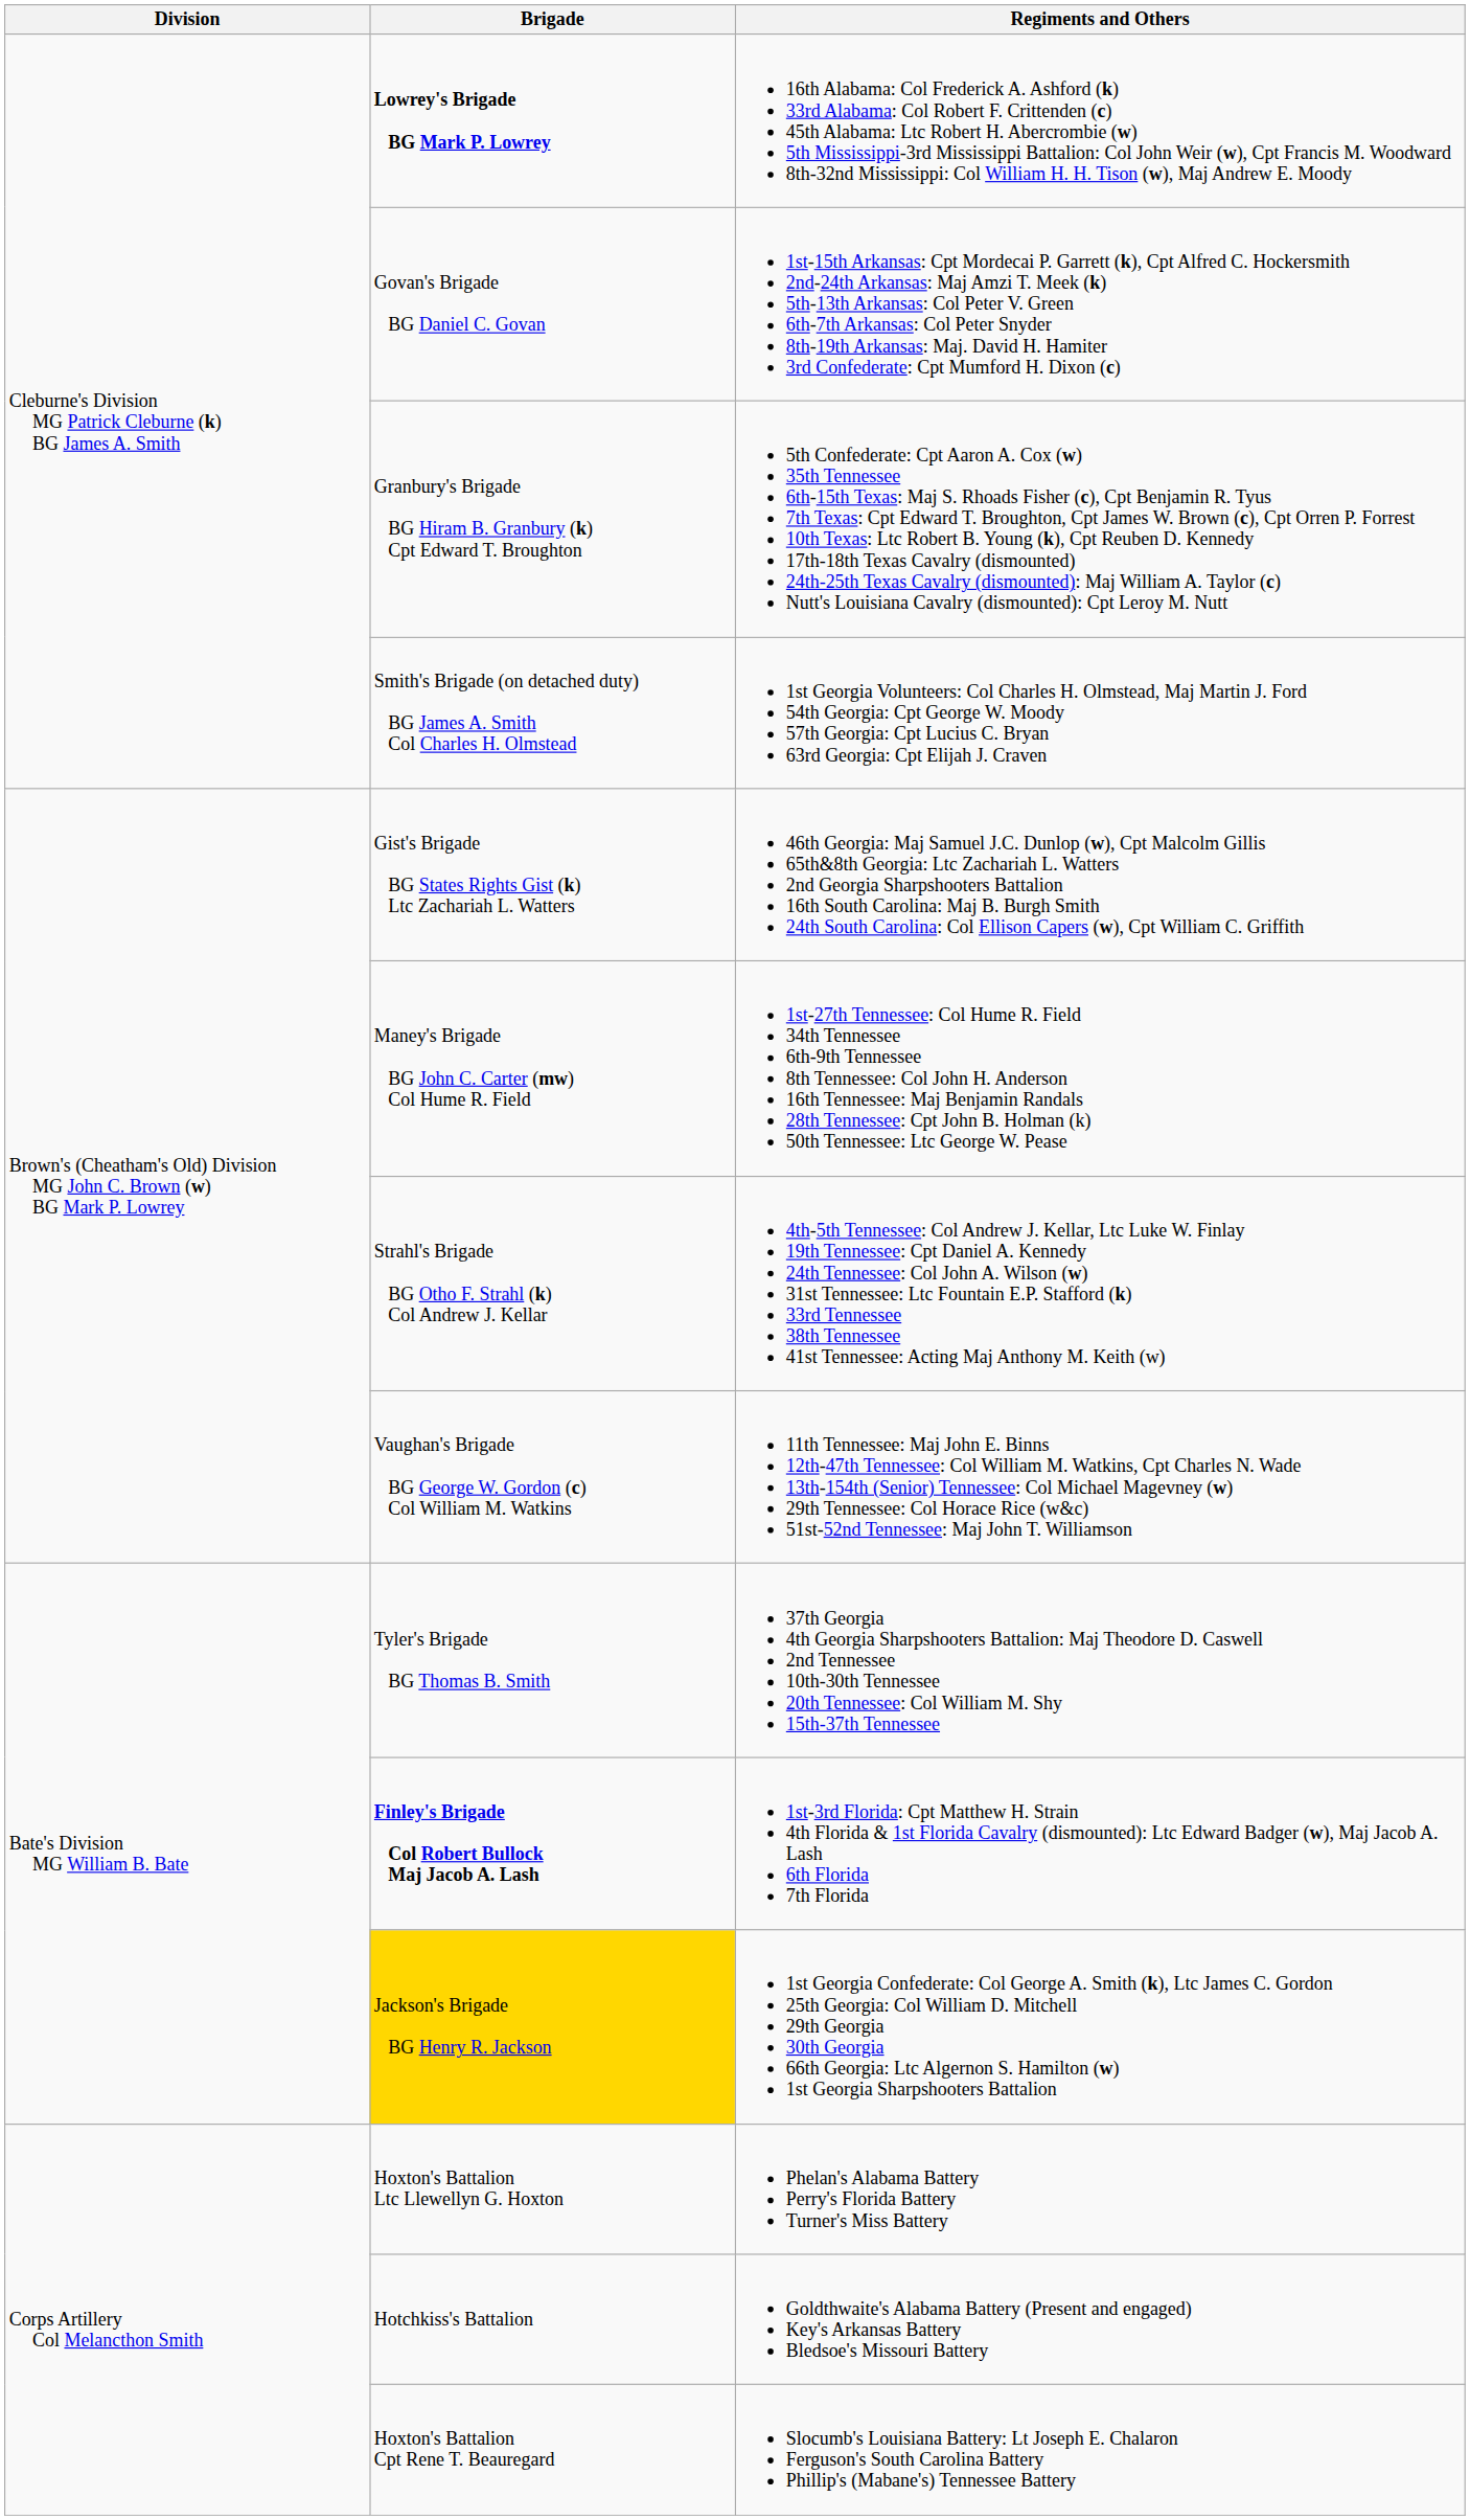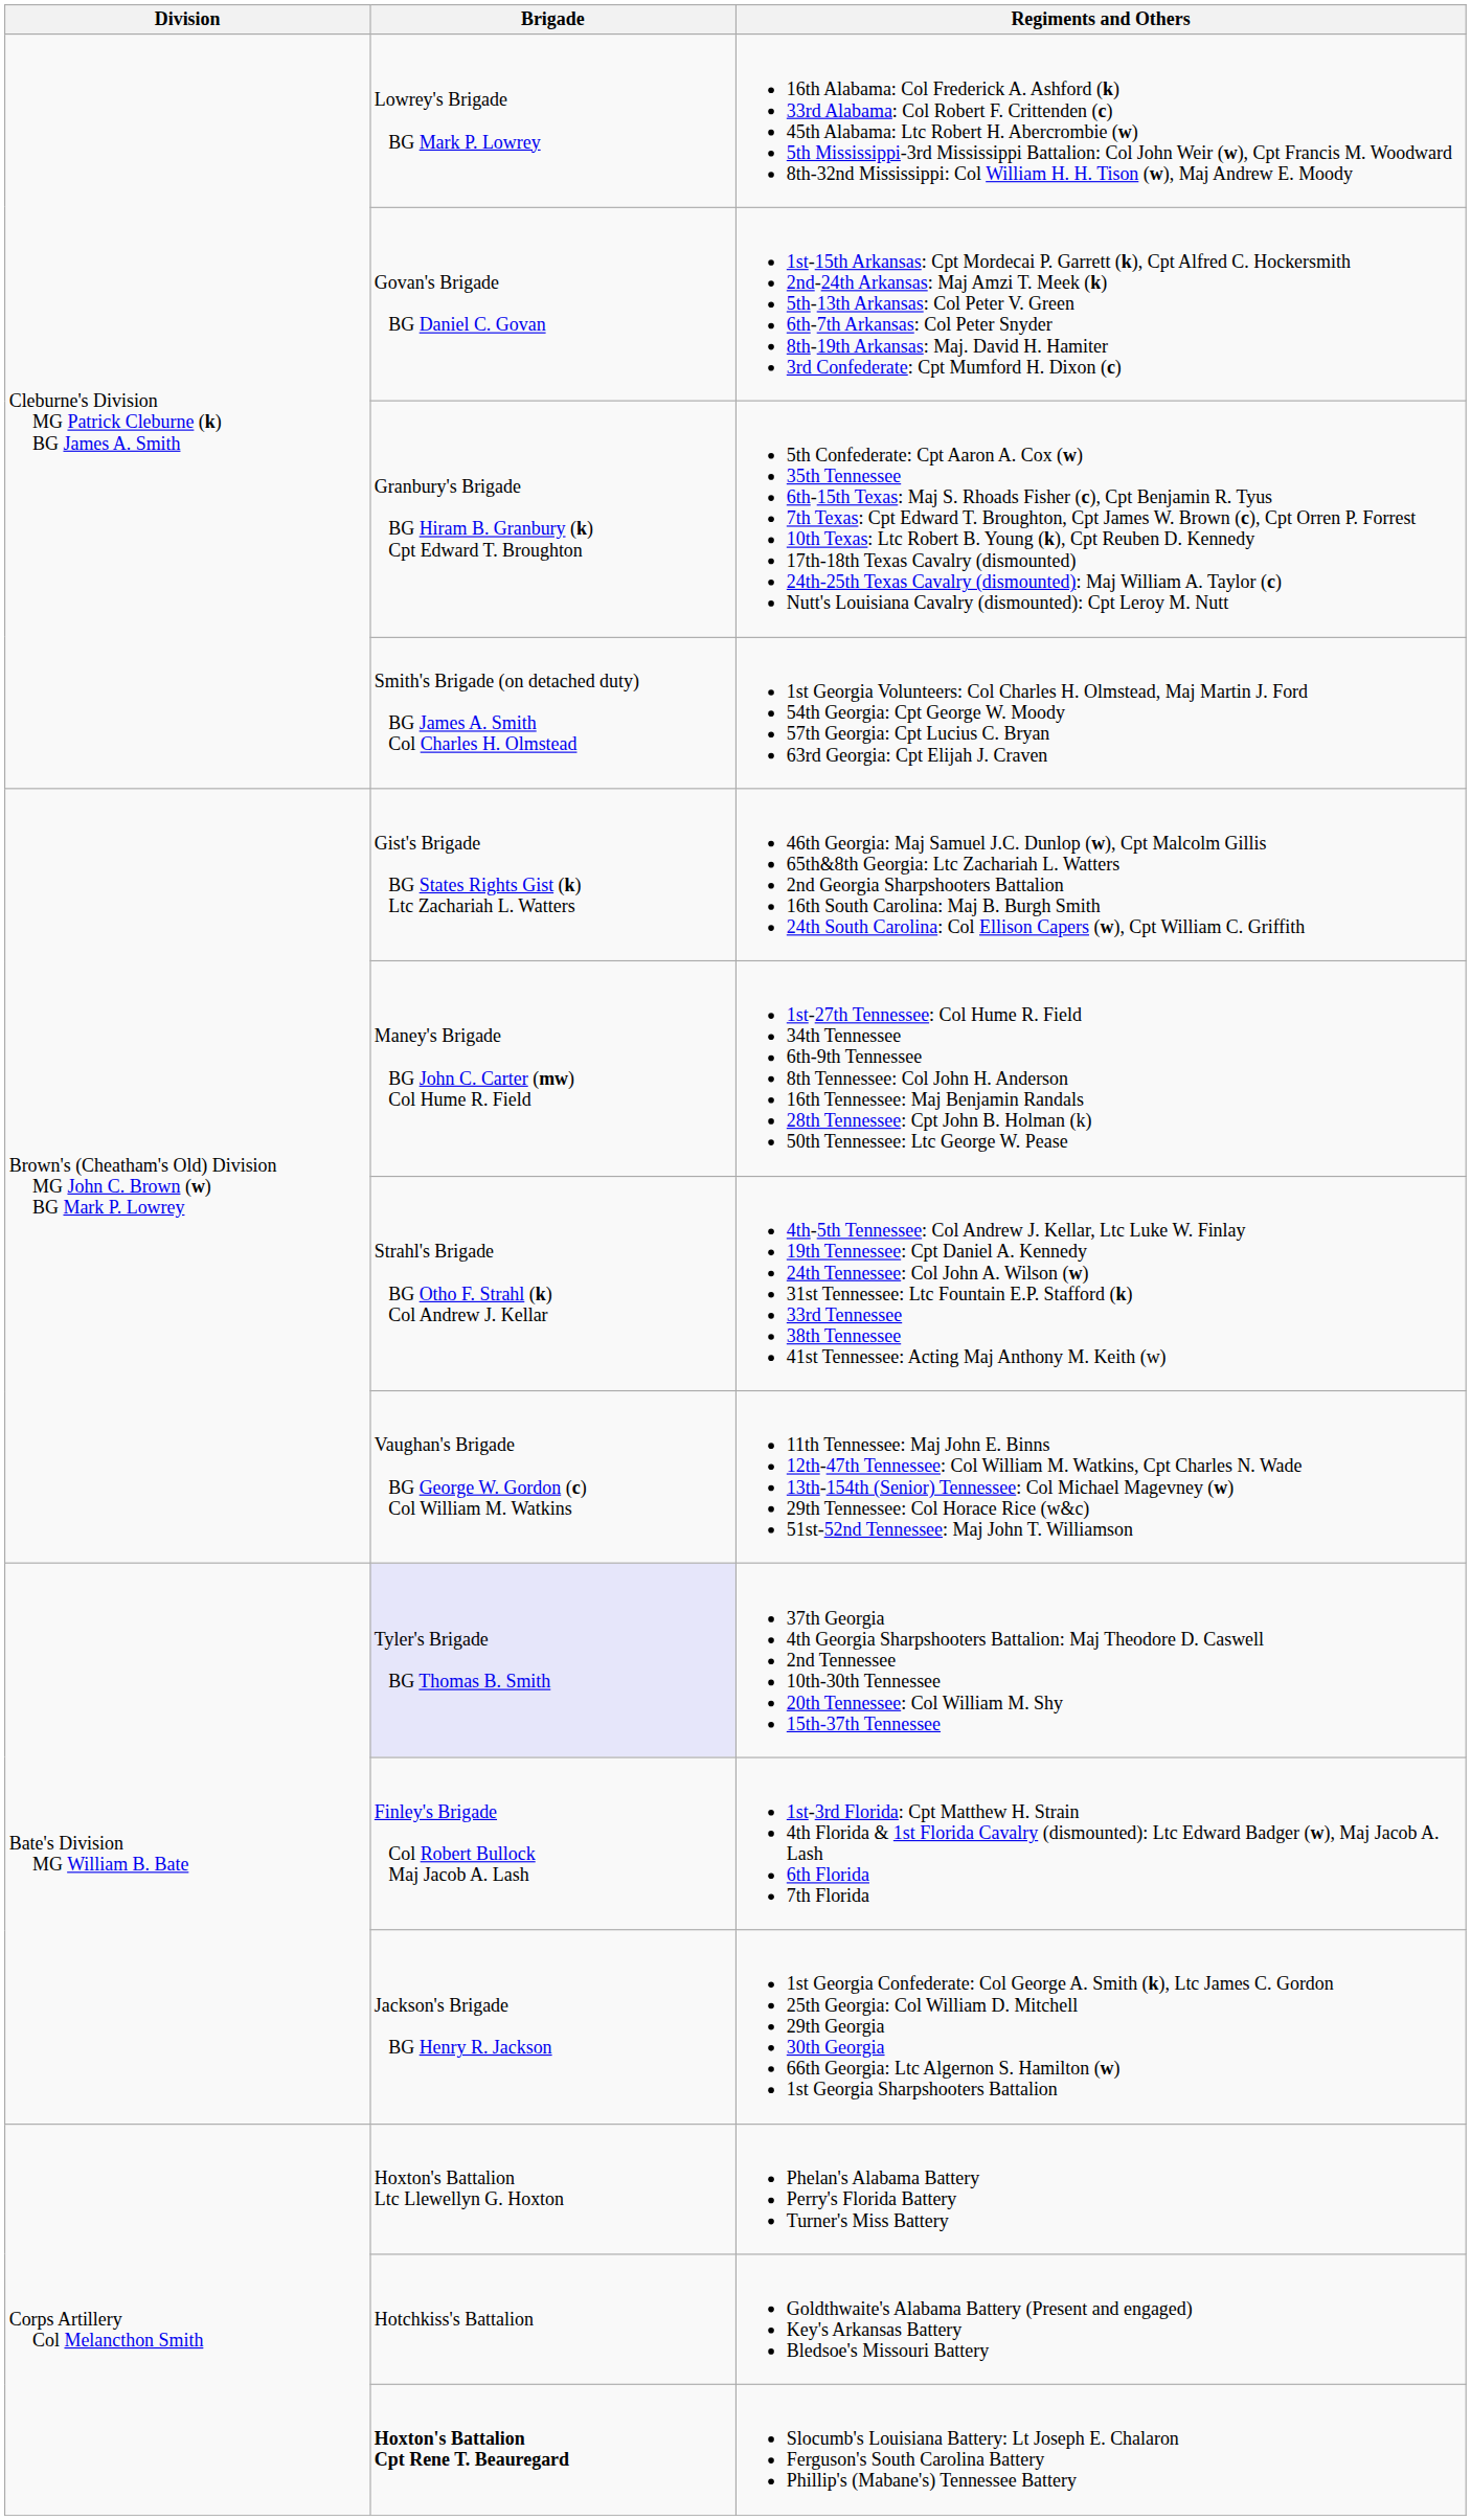 <table class="wikitable">
 <tr>
 <th width=25%>Division</th>
 <th width=25%>Brigade</th>
 <th>Regiments and Others</th>
 </tr>
 <tr>
 <td rowspan=4><br>Cleburne's Division <br>     MG <a href='#'>Patrick Cleburne</a> (<strong>k</strong>) <br>     BG <a href='#'>James A. Smith</a></td>
-<td><strong>Lowrey's Brigade<br><br>   BG <a href='#'>Mark P. Lowrey</a></strong></td>
+<td>Lowrey's Brigade<br><br>   BG <a href='#'>Mark P. Lowrey</a></td>
 <td><br><ul><li>16th Alabama: Col Frederick A. Ashford (<strong>k</strong>)</li><li><a href='#'>33rd Alabama</a>: Col Robert F. Crittenden (<strong>c</strong>)</li><li>45th Alabama: Ltc Robert H. Abercrombie (<strong>w</strong>)</li><li><a href='#'>5th Mississippi</a>-3rd Mississippi Battalion: Col John Weir (<strong>w</strong>), Cpt Francis M. Woodward</li><li>8th-32nd Mississippi: Col <a href='#'>William H. H. Tison</a> (<strong>w</strong>), Maj Andrew E. Moody</li></ul></td>
 </tr>
 <tr>
 <td>Govan's Brigade<br><br>   BG <a href='#'>Daniel C. Govan</a></td>
 <td><br><ul><li><a href='#'>1st</a>-<a href='#'>15th Arkansas</a>: Cpt Mordecai P. Garrett (<strong>k</strong>), Cpt Alfred C. Hockersmith</li><li><a href='#'>2nd</a>-<a href='#'>24th Arkansas</a>: Maj Amzi T. Meek (<strong>k</strong>)</li><li><a href='#'>5th</a>-<a href='#'>13th Arkansas</a>: Col Peter V. Green</li><li><a href='#'>6th</a>-<a href='#'>7th Arkansas</a>: Col Peter Snyder</li><li><a href='#'>8th</a>-<a href='#'>19th Arkansas</a>: Maj. David H. Hamiter</li><li><a href='#'>3rd Confederate</a>: Cpt Mumford H. Dixon (<strong>c</strong>)</li></ul></td>
 </tr>
 <tr>
 <td>Granbury's Brigade<br><br>   BG <a href='#'>Hiram B. Granbury</a> (<strong>k</strong>) <br>   Cpt Edward T. Broughton</td>
 <td><br><ul><li>5th Confederate: Cpt Aaron A. Cox (<strong>w</strong>)</li><li><a href='#'>35th Tennessee</a></li><li><a href='#'>6th</a>-<a href='#'>15th Texas</a>: Maj S. Rhoads Fisher (<strong>c</strong>), Cpt Benjamin R. Tyus</li><li><a href='#'>7th Texas</a>: Cpt Edward T. Broughton, Cpt James W. Brown (<strong>c</strong>), Cpt Orren P. Forrest</li><li><a href='#'>10th Texas</a>: Ltc Robert B. Young (<strong>k</strong>), Cpt Reuben D. Kennedy</li><li>17th-18th Texas Cavalry (dismounted)</li><li><a href='#'>24th-25th Texas Cavalry (dismounted)</a>: Maj William A. Taylor (<strong>c</strong>)</li><li>Nutt's Louisiana Cavalry (dismounted): Cpt Leroy M. Nutt</li></ul></td>
 </tr>
 <tr>
 <td>Smith's Brigade (on detached duty)<br><br>   BG <a href='#'>James A. Smith</a> <br>   Col <a href='#'>Charles H. Olmstead</a></td>
 <td><br><ul><li>1st Georgia Volunteers: Col Charles H. Olmstead, Maj Martin J. Ford</li><li>54th Georgia: Cpt George W. Moody</li><li>57th Georgia: Cpt Lucius C. Bryan</li><li>63rd Georgia: Cpt Elijah J. Craven</li></ul></td>
 </tr>
 <tr>
 <td rowspan=4><br>Brown's (Cheatham's Old) Division <br>     MG <a href='#'>John C. Brown</a> (<strong>w</strong>) <br>     BG <a href='#'>Mark P. Lowrey</a></td>
 <td>Gist's Brigade<br><br>   BG <a href='#'>States Rights Gist</a> (<strong>k</strong>) <br>   Ltc Zachariah L. Watters</td>
 <td><br><ul><li>46th Georgia: Maj Samuel J.C. Dunlop (<strong>w</strong>), Cpt Malcolm Gillis</li><li>65th&8th Georgia: Ltc Zachariah L. Watters</li><li>2nd Georgia Sharpshooters Battalion</li><li>16th South Carolina: Maj B. Burgh Smith</li><li><a href='#'>24th South Carolina</a>: Col <a href='#'>Ellison Capers</a> (<strong>w</strong>), Cpt William C. Griffith</li></ul></td>
 </tr>
 <tr>
 <td>Maney's Brigade<br><br>   BG <a href='#'>John C. Carter</a> (<strong>mw</strong>) <br>   Col Hume R. Field</td>
 <td><br><ul><li><a href='#'>1st</a>-<a href='#'>27th Tennessee</a>: Col Hume R. Field</li><li>34th Tennessee</li><li>6th-9th Tennessee</li><li>8th Tennessee: Col John H. Anderson</li><li>16th Tennessee: Maj Benjamin Randals</li><li><a href='#'>28th Tennessee</a>: Cpt John B. Holman (k)</li><li>50th Tennessee: Ltc George W. Pease</li></ul></td>
 </tr>
 <tr>
 <td>Strahl's Brigade<br><br>   BG <a href='#'>Otho F. Strahl</a> (<strong>k</strong>) <br>   Col Andrew J. Kellar</td>
 <td><br><ul><li><a href='#'>4th</a>-<a href='#'>5th Tennessee</a>: Col Andrew J. Kellar, Ltc Luke W. Finlay</li><li><a href='#'>19th Tennessee</a>: Cpt Daniel A. Kennedy</li><li><a href='#'>24th Tennessee</a>: Col John A. Wilson (<strong>w</strong>)</li><li>31st Tennessee: Ltc Fountain E.P. Stafford (<strong>k</strong>)</li><li><a href='#'>33rd Tennessee</a></li><li><a href='#'>38th Tennessee</a></li><li>41st Tennessee: Acting Maj Anthony M. Keith (w)</li></ul></td>
 </tr>
 <tr>
 <td>Vaughan's Brigade<br><br>   BG <a href='#'>George W. Gordon</a> (<strong>c</strong>) <br>   Col William M. Watkins</td>
 <td><br><ul><li>11th Tennessee: Maj John E. Binns</li><li><a href='#'>12th</a>-<a href='#'>47th Tennessee</a>: Col William M. Watkins, Cpt Charles N. Wade</li><li><a href='#'>13th</a>-<a href='#'>154th (Senior) Tennessee</a>: Col Michael Magevney (<strong>w</strong>)</li><li>29th Tennessee: Col Horace Rice (w&c)</li><li>51st-<a href='#'>52nd Tennessee</a>: Maj John T. Williamson</li></ul></td>
 </tr>
 <tr>
 <td rowspan=3><br>Bate's Division <br>     MG <a href='#'>William B. Bate</a></td>
-<td>Tyler's Brigade<br><br>   BG <a href='#'>Thomas B. Smith</a></td>
+<td style="background: lavender;">Tyler's Brigade<br><br>   BG <a href='#'>Thomas B. Smith</a></td>
 <td><br><ul><li>37th Georgia</li><li>4th Georgia Sharpshooters Battalion: Maj Theodore D. Caswell</li><li>2nd Tennessee</li><li>10th-30th Tennessee</li><li><a href='#'>20th Tennessee</a>: Col William M. Shy</li><li><a href='#'>15th-37th Tennessee</a></li></ul></td>
 </tr>
 <tr>
-<td><strong><a href='#'>Finley's Brigade</a><br><br>   Col <a href='#'>Robert Bullock</a> <br>   Maj Jacob A. Lash</strong></td>
+<td><a href='#'>Finley's Brigade</a><br><br>   Col <a href='#'>Robert Bullock</a> <br>   Maj Jacob A. Lash</td>
 <td><br><ul><li><a href='#'>1st</a>-<a href='#'>3rd Florida</a>: Cpt Matthew H. Strain</li><li>4th Florida & <a href='#'>1st Florida Cavalry</a> (dismounted): Ltc Edward Badger (<strong>w</strong>), Maj Jacob A. Lash</li><li><a href='#'>6th Florida</a></li><li>7th Florida</li></ul></td>
 </tr>
 <tr>
-<td style="background: gold;">Jackson's Brigade<br><br>   BG <a href='#'>Henry R. Jackson</a></td>
+<td>Jackson's Brigade<br><br>   BG <a href='#'>Henry R. Jackson</a></td>
 <td><br><ul><li>1st Georgia Confederate: Col George A. Smith (<strong>k</strong>), Ltc James C. Gordon</li><li>25th Georgia: Col William D. Mitchell</li><li>29th Georgia</li><li><a href='#'>30th Georgia</a></li><li>66th Georgia: Ltc Algernon S. Hamilton (<strong>w</strong>)</li><li>1st Georgia Sharpshooters Battalion</li></ul></td>
 </tr>
 <tr>
 <td rowspan=3><br>Corps Artillery <br>     Col <a href='#'>Melancthon Smith</a></td>
 <td>Hoxton's Battalion<br>Ltc Llewellyn G. Hoxton</td>
 <td><br><ul><li>Phelan's Alabama Battery</li><li>Perry's Florida Battery</li><li>Turner's Miss Battery</li></ul></td>
 </tr>
 <tr>
 <td>Hotchkiss's Battalion</td>
 <td><br><ul><li>Goldthwaite's Alabama Battery (Present and engaged)</li><li>Key's Arkansas Battery</li><li>Bledsoe's Missouri Battery</li></ul></td>
 </tr>
 <tr>
-<td>Hoxton's Battalion<br>Cpt Rene T. Beauregard</td>
+<td><strong>Hoxton's Battalion<br>Cpt Rene T. Beauregard</strong></td>
 <td><br><ul><li>Slocumb's Louisiana Battery: Lt Joseph E. Chalaron</li><li>Ferguson's South Carolina Battery</li><li>Phillip's (Mabane's) Tennessee Battery</li></ul></td>
 </tr>
 </table>
